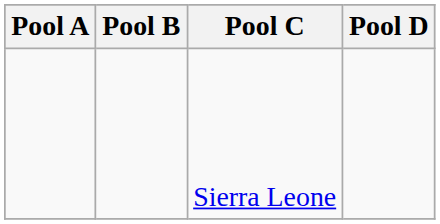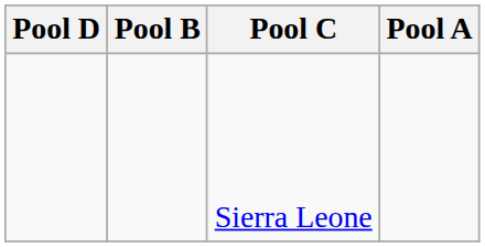 <table class="wikitable">
 <tr>
-<th>Pool A</th>
+<th>Pool D</th>
 <th>Pool B</th>
 <th>Pool C</th>
-<th>Pool D</th>
+<th>Pool A</th>
 </tr>
 <tr>
 <td><br> <br>  <br>  <br>  <br></td>
 <td><br> <br>  <br>  <br>  <br></td>
 <td><br> <br>  <br>  <br>  <a href='#'>Sierra Leone</a> <br></td>
 <td><br> <br>  <br>  <br>  <br></td>
 </tr>
 </table>
